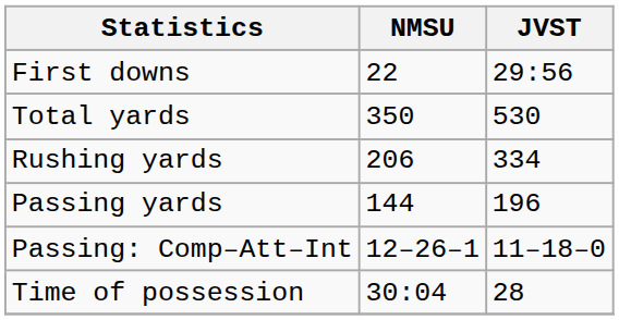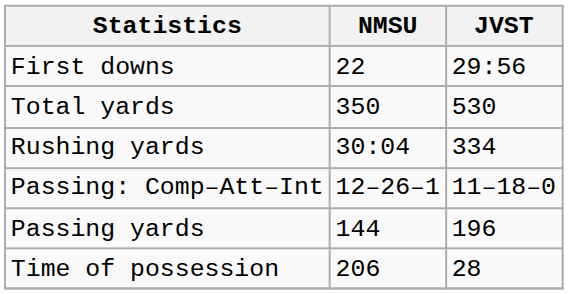 <table class="wikitable" style="float: left;">
 <tr>
 <th>Statistics</th>
 <th>NMSU</th>
 <th>JVST</th>
 </tr>
 <tr>
 <td>First downs</td>
 <td>22</td>
 <td>29:56</td>
 </tr>
 <tr>
 <td>Total yards</td>
 <td>350</td>
 <td>530</td>
 </tr>
 <tr>
 <td>Rushing yards</td>
-<td>206</td>
+<td>30:04</td>
 <td>334</td>
+</tr>
+<tr>
+<td>Passing: Comp–Att–Int</td>
+<td>12–26–1</td>
+<td>11–18–0</td>
 </tr>
 <tr>
 <td>Passing yards</td>
 <td>144</td>
 <td>196</td>
 </tr>
 <tr>
-<td>Passing: Comp–Att–Int</td>
-<td>12–26–1</td>
-<td>11–18–0</td>
-</tr>
-<tr>
 <td>Time of possession</td>
-<td>30:04</td>
+<td>206</td>
 <td>28</td>
 </tr>
 <tr>
 </tr>
 </table>
